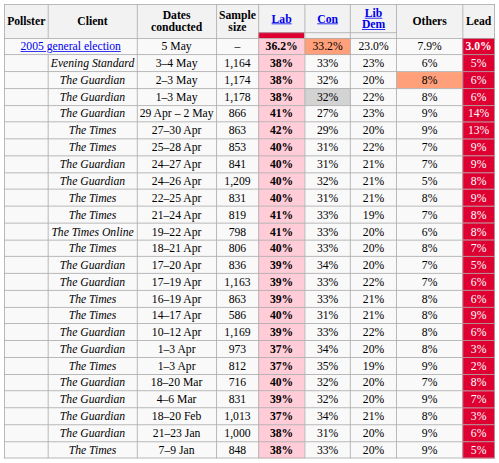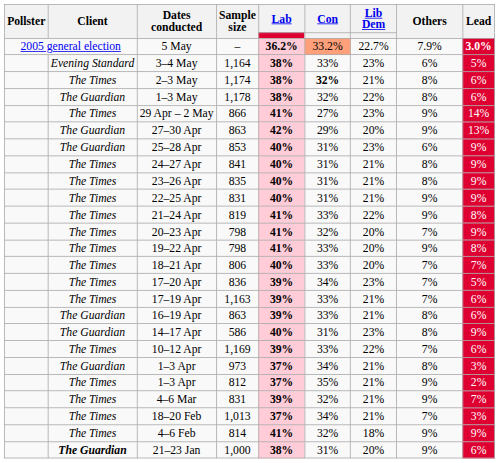 <table class="wikitable sortable mw-datatable" style="text-align:center;font-size:90%;line-height:14px;">
 <tr>
 <th rowspan="2">Pollster</th>
 <th rowspan="2">Client</th>
 <th rowspan="2">Dates<br>conducted</th>
 <th rowspan="2" data-sort-type="number">Sample<br>size</th>
 <th class="unsortable" style="width:50px;"><a href='#'>Lab</a></th>
 <th class="unsortable" style="width:50px;"><a href='#'>Con</a></th>
 <th class="unsortable" style="width:50px;"><a href='#'>Lib Dem</a></th>
 <th rowspan="2" class="unsortable" style="width:75px;">Others</th>
 <th rowspan="2">Lead</th>
 </tr>
 <tr>
 <th data-sort-type="number" style="background:#DE0031;"></th>
 <th data-sort-type="number" style="background:"></th>
 <th data-sort-type="number" style="background:"></th>
 </tr>
 <tr>
 <td colspan="2"><a href='#'>2005 general election</a></td>
 <td>5 May</td>
 <td>–</td>
 <td style="background:#FFCCD7;"><strong>36.2%</strong></td>
 <td style="background: lightsalmon;">33.2%</td>
-<td>23.0%</td>
+<td>22.7%</td>
 <td>7.9%</td>
 <td style="background:#DE0031;color:#FFFFFF;"><strong>3.0%</strong></td>
 </tr>
 <tr>
 <td></td>
 <td><em>Evening Standard</em></td>
 <td>3–4 May</td>
 <td>1,164</td>
 <td style="background:#FFCCD7;"><strong>38%</strong></td>
 <td>33%</td>
 <td>23%</td>
 <td>6%</td>
 <td style="background:#DE0031;color:#FFFFFF;">5%</td>
 </tr>
 <tr>
 <td></td>
-<td><em>The Guardian</em></td>
+<td><em>The Times</em></td>
 <td>2–3 May</td>
 <td>1,174</td>
 <td style="background:#FFCCD7;"><strong>38%</strong></td>
-<td>32%</td>
-<td>20%</td>
-<td style="background: lightsalmon;">8%</td>
+<td><strong>32%</strong></td>
+<td>21%</td>
+<td>8%</td>
 <td style="background:#DE0031;color:#FFFFFF;">6%</td>
 </tr>
 <tr>
 <td></td>
 <td><em>The Guardian</em></td>
 <td>1–3 May</td>
 <td>1,178</td>
 <td style="background:#FFCCD7;"><strong>38%</strong></td>
-<td style="background: lightgrey;">32%</td>
+<td>32%</td>
 <td>22%</td>
 <td>8%</td>
 <td style="background:#DE0031;color:#FFFFFF;">6%</td>
 </tr>
 <tr>
 <td></td>
-<td><em>The Guardian</em></td>
+<td><em>The Times</em></td>
 <td>29 Apr – 2 May</td>
 <td>866</td>
 <td style="background:#FFCCD7;"><strong>41%</strong></td>
 <td>27%</td>
 <td>23%</td>
 <td>9%</td>
 <td style="background:#DE0031;color:#FFFFFF;">14%</td>
 </tr>
 <tr>
 <td></td>
-<td><em>The Times</em></td>
+<td><em>The Guardian</em></td>
 <td>27–30 Apr</td>
 <td>863</td>
 <td style="background:#FFCCD7;"><strong>42%</strong></td>
 <td>29%</td>
 <td>20%</td>
 <td>9%</td>
 <td style="background:#DE0031;color:#FFFFFF;">13%</td>
 </tr>
 <tr>
 <td></td>
-<td><em>The Times</em></td>
+<td><em>The Guardian</em></td>
 <td>25–28 Apr</td>
 <td>853</td>
 <td style="background:#FFCCD7;"><strong>40%</strong></td>
 <td>31%</td>
-<td>22%</td>
-<td>7%</td>
+<td>23%</td>
+<td>6%</td>
 <td style="background:#DE0031;color:#FFFFFF;">9%</td>
 </tr>
 <tr>
 <td></td>
-<td><em>The Guardian</em></td>
+<td><em>The Times</em></td>
 <td>24–27 Apr</td>
 <td>841</td>
 <td style="background:#FFCCD7;"><strong>40%</strong></td>
 <td>31%</td>
 <td>21%</td>
-<td>7%</td>
+<td>8%</td>
 <td style="background:#DE0031;color:#FFFFFF;">9%</td>
 </tr>
 <tr>
 <td></td>
-<td><em>The Guardian</em></td>
-<td>24–26 Apr</td>
-<td>1,209</td>
+<td><em>The Times</em></td>
+<td>23–26 Apr</td>
+<td>835</td>
 <td style="background:#FFCCD7;"><strong>40%</strong></td>
-<td>32%</td>
+<td>31%</td>
 <td>21%</td>
-<td>5%</td>
-<td style="background:#DE0031;color:#FFFFFF;">8%</td>
+<td>8%</td>
+<td style="background:#DE0031;color:#FFFFFF;">9%</td>
 </tr>
 <tr>
 <td></td>
 <td><em>The Times</em></td>
 <td>22–25 Apr</td>
 <td>831</td>
 <td style="background:#FFCCD7;"><strong>40%</strong></td>
 <td>31%</td>
 <td>21%</td>
-<td>8%</td>
+<td>9%</td>
 <td style="background:#DE0031;color:#FFFFFF;">9%</td>
 </tr>
 <tr>
 <td></td>
 <td><em>The Times</em></td>
 <td>21–24 Apr</td>
 <td>819</td>
 <td style="background:#FFCCD7;"><strong>41%</strong></td>
 <td>33%</td>
-<td>19%</td>
-<td>7%</td>
+<td>22%</td>
+<td>9%</td>
 <td style="background:#DE0031;color:#FFFFFF;">8%</td>
 </tr>
 <tr>
 <td></td>
-<td><em>The Times Online</em></td>
+<td><em>The Times</em></td>
+<td>20–23 Apr</td>
+<td>798</td>
+<td style="background:#FFCCD7;"><strong>41%</strong></td>
+<td>32%</td>
+<td>20%</td>
+<td>7%</td>
+<td style="background:#DE0031;color:#FFFFFF;">9%</td>
+</tr>
+<tr>
+<td></td>
+<td><em>The Times</em></td>
 <td>19–22 Apr</td>
 <td>798</td>
 <td style="background:#FFCCD7;"><strong>41%</strong></td>
 <td>33%</td>
 <td>20%</td>
-<td>6%</td>
+<td>9%</td>
 <td style="background:#DE0031;color:#FFFFFF;">8%</td>
 </tr>
 <tr>
 <td></td>
 <td><em>The Times</em></td>
 <td>18–21 Apr</td>
 <td>806</td>
 <td style="background:#FFCCD7;"><strong>40%</strong></td>
 <td>33%</td>
 <td>20%</td>
-<td>8%</td>
+<td>7%</td>
 <td style="background:#DE0031;color:#FFFFFF;">7%</td>
 </tr>
 <tr>
 <td></td>
-<td><em>The Guardian</em></td>
+<td><em>The Times</em></td>
 <td>17–20 Apr</td>
 <td>836</td>
 <td style="background:#FFCCD7;"><strong>39%</strong></td>
 <td>34%</td>
-<td>20%</td>
+<td>23%</td>
 <td>7%</td>
 <td style="background:#DE0031;color:#FFFFFF;">5%</td>
 </tr>
 <tr>
 <td></td>
-<td><em>The Guardian</em></td>
+<td><em>The Times</em></td>
 <td>17–19 Apr</td>
 <td>1,163</td>
 <td style="background:#FFCCD7;"><strong>39%</strong></td>
 <td>33%</td>
-<td>22%</td>
+<td>21%</td>
 <td>7%</td>
 <td style="background:#DE0031;color:#FFFFFF;">6%</td>
 </tr>
 <tr>
 <td></td>
-<td><em>The Times</em></td>
+<td><em>The Guardian</em></td>
 <td>16–19 Apr</td>
 <td>863</td>
 <td style="background:#FFCCD7;"><strong>39%</strong></td>
 <td>33%</td>
 <td>21%</td>
 <td>8%</td>
 <td style="background:#DE0031;color:#FFFFFF;">6%</td>
 </tr>
 <tr>
 <td></td>
-<td><em>The Times</em></td>
+<td><em>The Guardian</em></td>
 <td>14–17 Apr</td>
 <td>586</td>
 <td style="background:#FFCCD7;"><strong>40%</strong></td>
 <td>31%</td>
-<td>21%</td>
+<td>23%</td>
 <td>8%</td>
 <td style="background:#DE0031;color:#FFFFFF;">9%</td>
 </tr>
 <tr>
 <td></td>
-<td><em>The Guardian</em></td>
+<td><em>The Times</em></td>
 <td>10–12 Apr</td>
 <td>1,169</td>
 <td style="background:#FFCCD7;"><strong>39%</strong></td>
 <td>33%</td>
 <td>22%</td>
-<td>8%</td>
+<td>7%</td>
 <td style="background:#DE0031;color:#FFFFFF;">6%</td>
 </tr>
 <tr>
 <td></td>
 <td><em>The Guardian</em></td>
 <td>1–3 Apr</td>
 <td>973</td>
 <td style="background:#FFCCD7;"><strong>37%</strong></td>
 <td>34%</td>
-<td>20%</td>
+<td>21%</td>
 <td>8%</td>
 <td style="background:#DE0031;color:#FFFFFF;">3%</td>
 </tr>
 <tr>
 <td></td>
 <td><em>The Times</em></td>
 <td>1–3 Apr</td>
 <td>812</td>
 <td style="background:#FFCCD7;"><strong>37%</strong></td>
 <td>35%</td>
-<td>19%</td>
+<td>21%</td>
 <td>9%</td>
 <td style="background:#DE0031;color:#FFFFFF;">2%</td>
 </tr>
 <tr>
 <td></td>
-<td><em>The Guardian</em></td>
-<td>18–20 Mar</td>
-<td>716</td>
-<td style="background:#FFCCD7;"><strong>40%</strong></td>
-<td>32%</td>
-<td>20%</td>
-<td>7%</td>
-<td style="background:#DE0031;color:#FFFFFF;">8%</td>
-</tr>
-<tr>
-<td></td>
-<td><em>The Guardian</em></td>
+<td><em>The Times</em></td>
 <td>4–6 Mar</td>
 <td>831</td>
 <td style="background:#FFCCD7;"><strong>39%</strong></td>
 <td>32%</td>
-<td>20%</td>
+<td>21%</td>
 <td>9%</td>
 <td style="background:#DE0031;color:#FFFFFF;">7%</td>
 </tr>
 <tr>
 <td></td>
-<td><em>The Guardian</em></td>
+<td><em>The Times</em></td>
 <td>18–20 Feb</td>
 <td>1,013</td>
 <td style="background:#FFCCD7;"><strong>37%</strong></td>
 <td>34%</td>
 <td>21%</td>
-<td>8%</td>
+<td>7%</td>
 <td style="background:#DE0031;color:#FFFFFF;">3%</td>
 </tr>
 <tr>
 <td></td>
-<td><em>The Guardian</em></td>
+<td><em>The Times</em></td>
+<td>4–6 Feb</td>
+<td>814</td>
+<td style="background:#FFCCD7;"><strong>41%</strong></td>
+<td>32%</td>
+<td>18%</td>
+<td>9%</td>
+<td style="background:#DE0031;color:#FFFFFF;">9%</td>
+</tr>
+<tr>
+<td></td>
+<td><strong><em>The Guardian</em></strong></td>
 <td>21–23 Jan</td>
 <td>1,000</td>
 <td style="background:#FFCCD7;"><strong>38%</strong></td>
 <td>31%</td>
 <td>20%</td>
 <td>9%</td>
 <td style="background:#DE0031;color:#FFFFFF;">6%</td>
 </tr>
-<tr>
-<td></td>
-<td><em>The Times</em></td>
-<td>7–9 Jan</td>
-<td>848</td>
-<td style="background:#FFCCD7;"><strong>38%</strong></td>
-<td>33%</td>
-<td>20%</td>
-<td>9%</td>
-<td style="background:#DE0031;color:#FFFFFF;">5%</td>
-</tr>
 </table>
